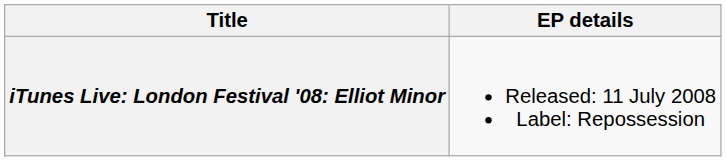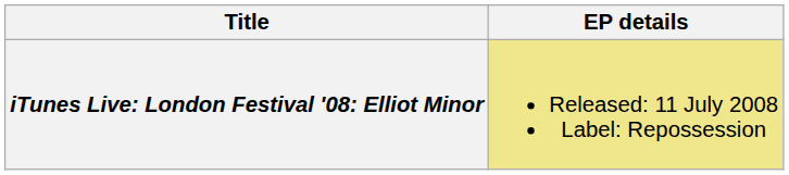 <table class="wikitable plainrowheaders" style="text-align:center;">
 <tr>
 <th scope="col">Title</th>
 <th scope="col">EP details</th>
 </tr>
 <tr>
 <th scope="row"><em>iTunes Live: London Festival '08: Elliot Minor</em></th>
-<td><br><ul><li>Released: 11 July 2008</li><li>Label: Repossession</li></ul></td>
+<td style="background: khaki;"><br><ul><li>Released: 11 July 2008</li><li>Label: Repossession</li></ul></td>
 </tr>
 </table>
